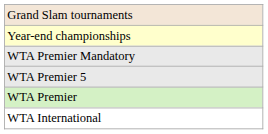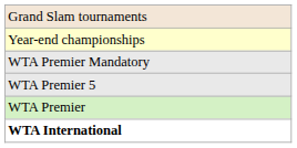 <table class=wikitable style=font-size:90%;width:15%>
 <tr style="background:#F3E6D7;">
 <td>Grand Slam tournaments</td>
 </tr>
 <tr style="background:#ffc;">
 <td>Year-end championships</td>
 </tr>
 <tr style="background:#e9e9e9;">
 <td>WTA Premier Mandatory</td>
 </tr>
 <tr style="background:#E9E9E9;">
 <td>WTA Premier 5</td>
 </tr>
 <tr style="background:#D4F1C5;">
 <td>WTA Premier</td>
 </tr>
 <tr style="background:#fff;">
-<td>WTA International</td>
+<td><strong>WTA International</strong></td>
 </tr>
 </table>
